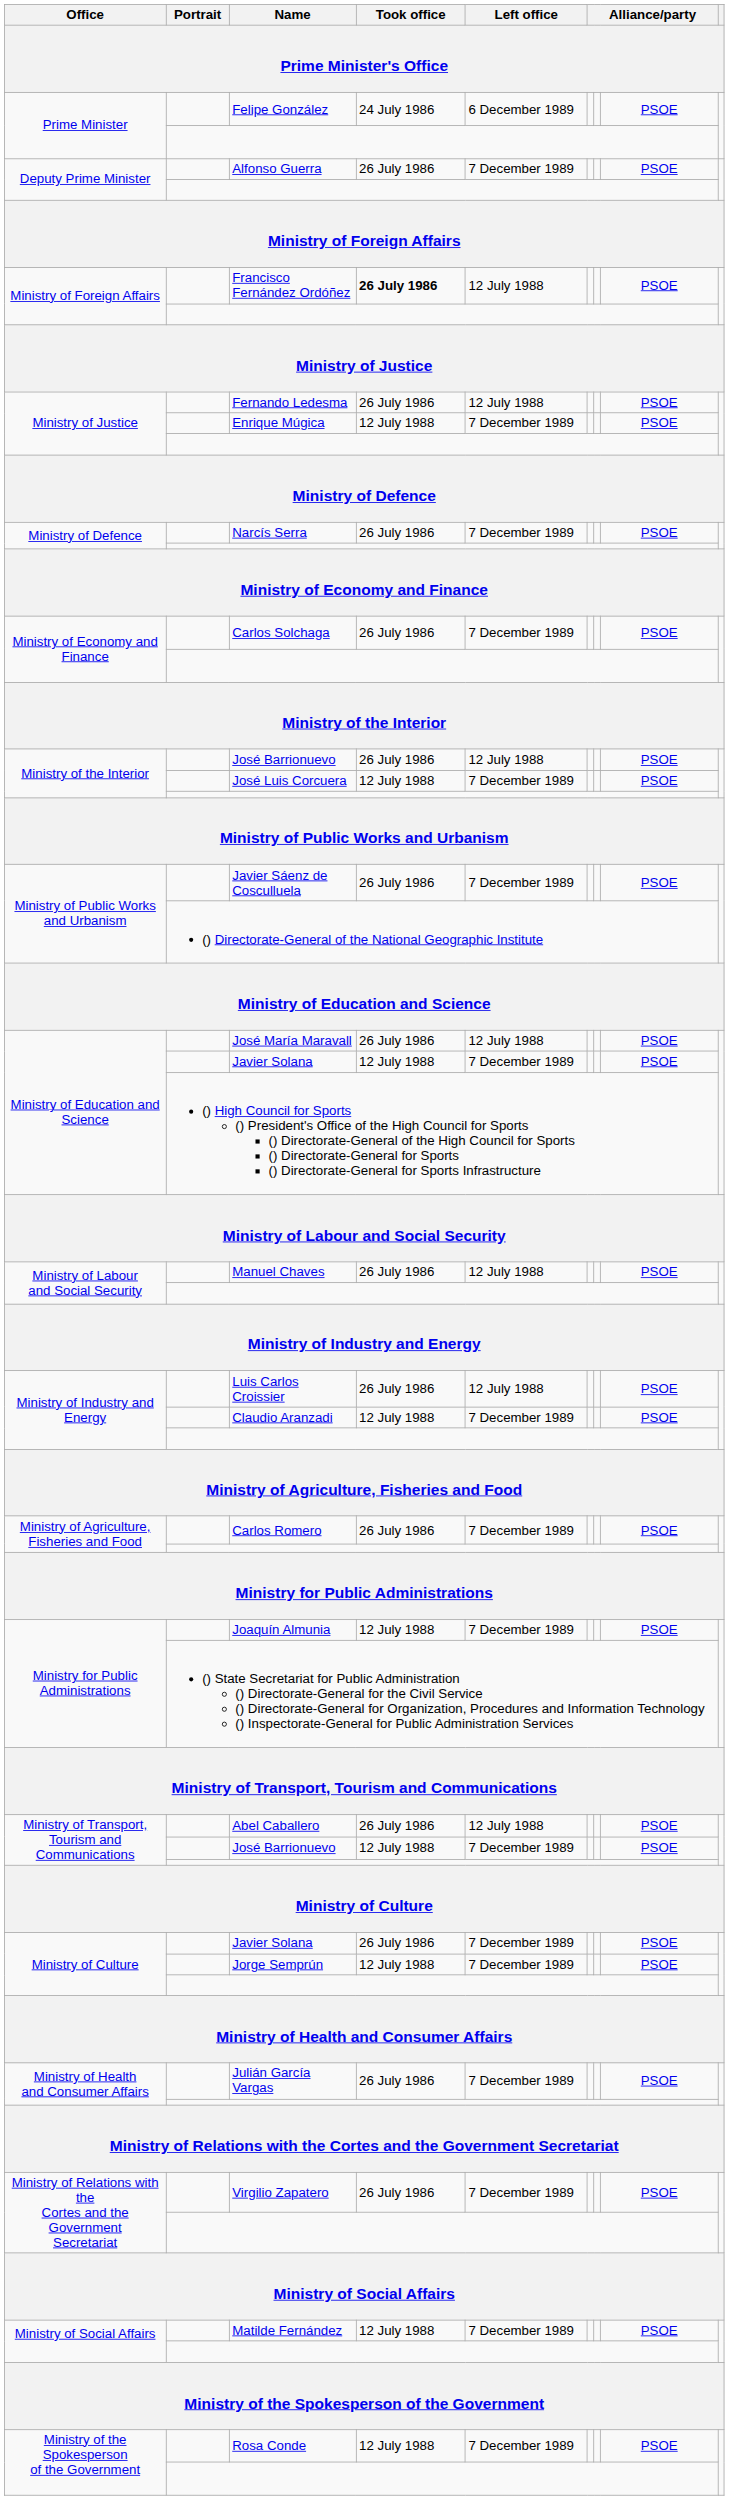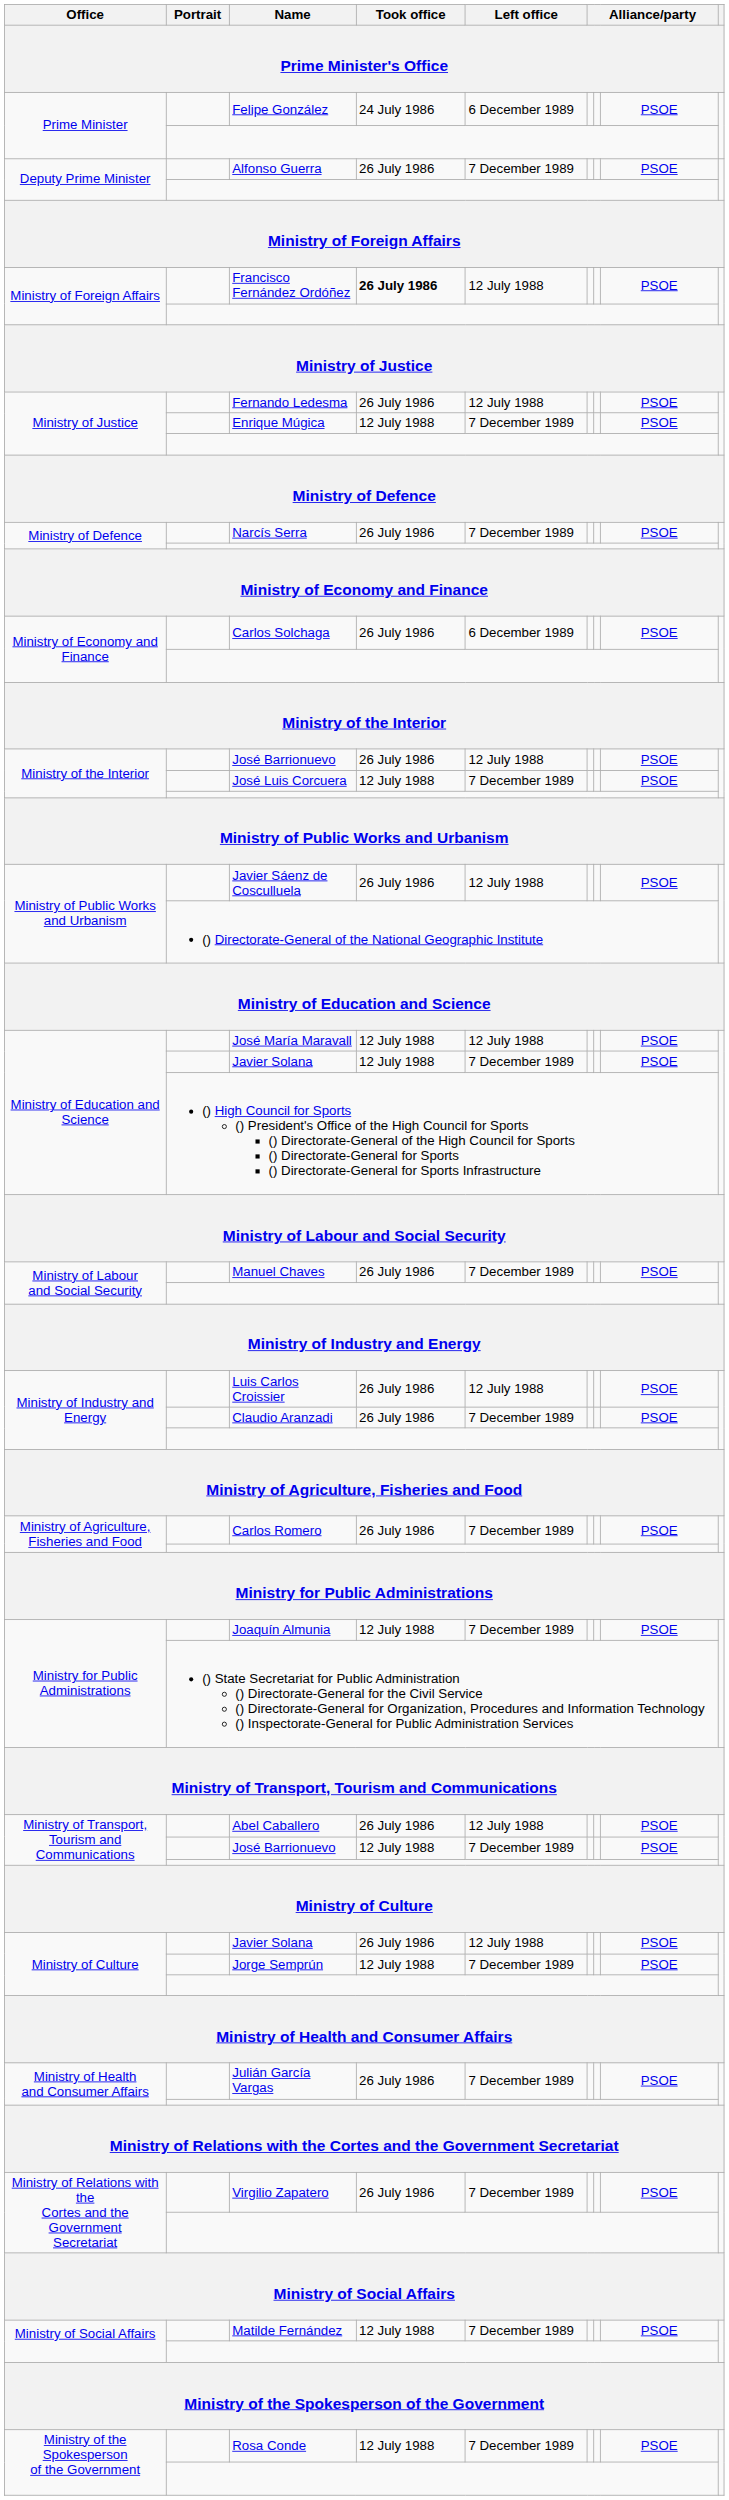 <table class="wikitable" style="line-height:18px;">
 <tr>
 <th scope="col">Office<br></th>
 <th scope="col">Portrait</th>
 <th scope="col">Name</th>
 <th scope="col">Took office</th>
 <th scope="col">Left office</th>
 <th colspan="3" scope="col">Alliance/party</th>
 <th></th>
 </tr>
 <tr>
 <th colspan="9"><br><h3><a href='#'>Prime Minister's Office</a></h3></th>
 </tr>
 <tr>
 <td align="center" rowspan="2" width="250"><a href='#'>Prime Minister</a><br></td>
 <td width="80"></td>
 <td width="200"><a href='#'>Felipe González</a></td>
 <td width="200">24 July 1986</td>
 <td width="200">6 December 1989</td>
 <td width="1" style="background-color:"></td>
 <td width="1" style="background-color:"></td>
 <td width="175" align="center"><a href='#'>PSOE</a></td>
 <td align="center" rowspan="2"><br><br><br><br></td>
 </tr>
 <tr>
 <td colspan="7"><br> </td>
 </tr>
 <tr>
 <td align="center" rowspan="2"><a href='#'>Deputy Prime Minister</a><br></td>
 <td></td>
 <td><a href='#'>Alfonso Guerra</a></td>
 <td>26 July 1986</td>
 <td>7 December 1989</td>
 <td style="background-color:"></td>
 <td style="background-color:"></td>
 <td align="center"><a href='#'>PSOE</a></td>
 <td align="center" rowspan="2"></td>
 </tr>
 <tr>
 <td colspan="7"><br></td>
 </tr>
 <tr>
 <th colspan="9"><br><h3><a href='#'>Ministry of Foreign Affairs</a></h3></th>
 </tr>
 <tr>
 <td align="center" rowspan="2"><a href='#'>Ministry of Foreign Affairs</a><br></td>
 <td></td>
 <td><a href='#'>Francisco Fernández Ordóñez</a></td>
 <td><strong>26 July 1986</strong></td>
 <td>12 July 1988</td>
 <td style="background-color:"></td>
 <td style="background-color:"></td>
 <td align="center"><a href='#'>PSOE</a></td>
 <td align="center" rowspan="2"><br></td>
 </tr>
 <tr>
 <td colspan="7"><br> </td>
 </tr>
 <tr>
 <th colspan="9"><br><h3><a href='#'>Ministry of Justice</a></h3></th>
 </tr>
 <tr>
 <td align="center" rowspan="3"><a href='#'>Ministry of Justice</a><br></td>
 <td></td>
 <td><a href='#'>Fernando Ledesma</a></td>
 <td>26 July 1986</td>
 <td>12 July 1988</td>
 <td style="background-color:"></td>
 <td style="background-color:"></td>
 <td align="center"><a href='#'>PSOE</a><br></td>
 <td align="center" rowspan="3"></td>
 </tr>
 <tr>
 <td></td>
 <td><a href='#'>Enrique Múgica</a></td>
 <td>12 July 1988</td>
 <td>7 December 1989</td>
 <td style="background-color:"></td>
 <td style="background-color:"></td>
 <td align="center"><a href='#'>PSOE</a></td>
 </tr>
 <tr>
 <td colspan="7"><br></td>
 </tr>
 <tr>
 <th colspan="9"><br><h3><a href='#'>Ministry of Defence</a></h3></th>
 </tr>
 <tr>
 <td align="center" rowspan="2"><a href='#'>Ministry of Defence</a><br></td>
 <td></td>
 <td><a href='#'>Narcís Serra</a></td>
 <td>26 July 1986</td>
 <td>7 December 1989</td>
 <td style="background-color:"></td>
 <td style="background-color:"></td>
 <td align="center"><a href='#'>PSOE</a><br></td>
 <td align="center" rowspan="2"></td>
 </tr>
 <tr>
 <td colspan="7"></td>
 </tr>
 <tr>
 <th colspan="9"><br><h3><a href='#'>Ministry of Economy and Finance</a></h3></th>
 </tr>
 <tr>
 <td align="center" rowspan="2"><a href='#'>Ministry of Economy and Finance</a><br></td>
 <td></td>
 <td><a href='#'>Carlos Solchaga</a></td>
 <td>26 July 1986</td>
-<td>7 December 1989</td>
+<td width="200">6 December 1989</td>
 <td style="background-color:"></td>
 <td style="background-color:"></td>
 <td align="center"><a href='#'>PSOE</a></td>
 <td align="center" rowspan="2"><br><br><br><br></td>
 </tr>
 <tr>
 <td colspan="7"><br> </td>
 </tr>
 <tr>
 <th colspan="9"><br><h3><a href='#'>Ministry of the Interior</a></h3></th>
 </tr>
 <tr>
 <td align="center" rowspan="3"><a href='#'>Ministry of the Interior</a><br></td>
 <td></td>
 <td><a href='#'>José Barrionuevo</a></td>
 <td>26 July 1986</td>
 <td>12 July 1988</td>
 <td style="background-color:"></td>
 <td style="background-color:"></td>
 <td align="center"><a href='#'>PSOE</a></td>
 <td align="center" rowspan="3"></td>
 </tr>
 <tr>
 <td></td>
 <td><a href='#'>José Luis Corcuera</a></td>
 <td>12 July 1988</td>
 <td>7 December 1989</td>
 <td style="background-color:"></td>
 <td style="background-color:"></td>
 <td align="center"><a href='#'>PSOE</a></td>
 </tr>
 <tr>
 <td colspan="7"></td>
 </tr>
 <tr>
 <th colspan="9"><br><h3><a href='#'>Ministry of Public Works and Urbanism</a></h3></th>
 </tr>
 <tr>
 <td align="center" rowspan="2"><a href='#'>Ministry of Public Works<br>and Urbanism</a><br></td>
 <td></td>
 <td><a href='#'>Javier Sáenz de Cosculluela</a></td>
 <td>26 July 1986</td>
-<td>7 December 1989</td>
+<td>12 July 1988</td>
 <td style="background-color:"></td>
 <td style="background-color:"></td>
 <td align="center"><a href='#'>PSOE</a></td>
 <td align="center" rowspan="2"></td>
 </tr>
 <tr>
 <td colspan="7"><br><ul><li>() <a href='#'>Directorate-General of the National Geographic Institute</a></li></ul></td>
 </tr>
 <tr>
 <th colspan="9"><br><h3><a href='#'>Ministry of Education and Science</a></h3></th>
 </tr>
 <tr>
 <td align="center" rowspan="3"><a href='#'>Ministry of Education and Science</a><br></td>
 <td></td>
 <td><a href='#'>José María Maravall</a></td>
-<td>26 July 1986</td>
+<td>12 July 1988</td>
 <td>12 July 1988</td>
 <td style="background-color:"></td>
 <td style="background-color:"></td>
 <td align="center"><a href='#'>PSOE</a></td>
 <td align="center" rowspan="3"></td>
 </tr>
 <tr>
 <td></td>
 <td><a href='#'>Javier Solana</a></td>
 <td>12 July 1988</td>
 <td>7 December 1989</td>
 <td style="background-color:"></td>
 <td style="background-color:"></td>
 <td align="center"><a href='#'>PSOE</a></td>
 </tr>
 <tr>
 <td colspan="7"><br><ul><li>() <a href='#'>High Council for Sports</a> <ul><li>() President's Office of the High Council for Sports <ul><li>() Directorate-General of the High Council for Sports </li><li>() Directorate-General for Sports </li><li>() Directorate-General for Sports Infrastructure </li></ul></li></ul></li></ul></td>
 </tr>
 <tr>
 <th colspan="9"><br><h3><a href='#'>Ministry of Labour and Social Security</a></h3></th>
 </tr>
 <tr>
 <td align="center" rowspan="2"><a href='#'>Ministry of Labour<br>and Social Security</a><br></td>
 <td></td>
 <td><a href='#'>Manuel Chaves</a></td>
 <td>26 July 1986</td>
-<td>12 July 1988</td>
+<td>7 December 1989</td>
 <td style="background-color:"></td>
 <td style="background-color:"></td>
 <td align="center"><a href='#'>PSOE</a></td>
 <td align="center" rowspan="2"></td>
 </tr>
 <tr>
 <td colspan="7"><br></td>
 </tr>
 <tr>
 <th colspan="9"><br><h3><a href='#'>Ministry of Industry and Energy</a></h3></th>
 </tr>
 <tr>
 <td align="center" rowspan="3"><a href='#'>Ministry of Industry and Energy</a><br></td>
 <td></td>
 <td><a href='#'>Luis Carlos Croissier</a></td>
 <td>26 July 1986</td>
 <td>12 July 1988</td>
 <td style="background-color:"></td>
 <td style="background-color:"></td>
 <td align="center"><a href='#'>PSOE</a></td>
 <td align="center" rowspan="3"><br></td>
 </tr>
 <tr>
 <td></td>
 <td><a href='#'>Claudio Aranzadi</a></td>
-<td>12 July 1988</td>
+<td>26 July 1986</td>
 <td>7 December 1989</td>
 <td style="background-color:"></td>
 <td style="background-color:"></td>
 <td align="center"><a href='#'>PSOE</a><br></td>
 </tr>
 <tr>
 <td colspan="7"><br> </td>
 </tr>
 <tr>
 <th colspan="9"><br><h3><a href='#'>Ministry of Agriculture, Fisheries and Food</a></h3></th>
 </tr>
 <tr>
 <td align="center" rowspan="2"><a href='#'>Ministry of Agriculture,<br>Fisheries and Food</a><br></td>
 <td></td>
 <td><a href='#'>Carlos Romero</a></td>
 <td>26 July 1986</td>
 <td>7 December 1989</td>
 <td style="background-color:"></td>
 <td style="background-color:"></td>
 <td align="center"><a href='#'>PSOE</a></td>
 <td align="center" rowspan="2"></td>
 </tr>
 <tr>
 <td colspan="7"></td>
 </tr>
 <tr>
 <th colspan="9"><br><h3><a href='#'>Ministry for Public Administrations</a></h3></th>
 </tr>
 <tr>
 <td align="center" rowspan="2"><a href='#'>Ministry for Public Administrations</a><br></td>
 <td></td>
 <td><a href='#'>Joaquín Almunia</a></td>
 <td>12 July 1988</td>
 <td>7 December 1989</td>
 <td style="background-color:"></td>
 <td style="background-color:"></td>
 <td align="center"><a href='#'>PSOE</a></td>
 <td align="center" rowspan="2"></td>
 </tr>
 <tr>
 <td colspan="7"><br><ul><li>() State Secretariat for Public Administration<ul><li>() Directorate-General for the Civil Service</li><li>() Directorate-General for Organization, Procedures and Information Technology</li><li>() Inspectorate-General for Public Administration Services</li></ul></li></ul></td>
 </tr>
 <tr>
 <th colspan="9"><br><h3><a href='#'>Ministry of Transport, Tourism and Communications</a></h3></th>
 </tr>
 <tr>
 <td align="center" rowspan="3"><a href='#'>Ministry of Transport,<br>Tourism and Communications</a><br></td>
 <td></td>
 <td><a href='#'>Abel Caballero</a></td>
 <td>26 July 1986</td>
 <td>12 July 1988</td>
 <td style="background-color:"></td>
 <td style="background-color:"></td>
 <td align="center"><a href='#'>PSOE</a></td>
 <td align="center" rowspan="3"></td>
 </tr>
 <tr>
 <td></td>
 <td><a href='#'>José Barrionuevo</a></td>
 <td>12 July 1988</td>
 <td>7 December 1989</td>
 <td style="background-color:"></td>
 <td style="background-color:"></td>
 <td align="center"><a href='#'>PSOE</a></td>
 </tr>
 <tr>
 <td colspan="7"></td>
 </tr>
 <tr>
 <th colspan="9"><br><h3><a href='#'>Ministry of Culture</a></h3></th>
 </tr>
 <tr>
 <td align="center" rowspan="3"><a href='#'>Ministry of Culture</a><br></td>
 <td></td>
 <td><a href='#'>Javier Solana</a></td>
 <td>26 July 1986</td>
-<td>7 December 1989</td>
+<td>12 July 1988</td>
 <td style="background-color:"></td>
 <td style="background-color:"></td>
 <td align="center"><a href='#'>PSOE</a></td>
 <td align="center" rowspan="3"></td>
 </tr>
 <tr>
 <td></td>
 <td><a href='#'>Jorge Semprún</a></td>
 <td>12 July 1988</td>
 <td>7 December 1989</td>
 <td style="background-color:"></td>
 <td style="background-color:"></td>
 <td align="center"><a href='#'>PSOE</a><br></td>
 </tr>
 <tr>
 <td colspan="7"><br></td>
 </tr>
 <tr>
 <th colspan="9"><br><h3><a href='#'>Ministry of Health and Consumer Affairs</a></h3></th>
 </tr>
 <tr>
 <td align="center" rowspan="2"><a href='#'>Ministry of Health<br>and Consumer Affairs</a><br></td>
 <td></td>
 <td><a href='#'>Julián García Vargas</a></td>
 <td>26 July 1986</td>
 <td>7 December 1989</td>
 <td style="background-color:"></td>
 <td style="background-color:"></td>
 <td align="center"><a href='#'>PSOE</a></td>
 <td align="center" rowspan="2"></td>
 </tr>
 <tr>
 <td colspan="7"></td>
 </tr>
 <tr>
 <th colspan="9"><br><h3><a href='#'>Ministry of Relations with the Cortes and the Government Secretariat</a></h3></th>
 </tr>
 <tr>
 <td align="center" rowspan="2"><a href='#'>Ministry of Relations with the<br>Cortes and the Government<br>Secretariat</a><br></td>
 <td></td>
 <td><a href='#'>Virgilio Zapatero</a></td>
 <td>26 July 1986</td>
 <td>7 December 1989</td>
 <td style="background-color:"></td>
 <td style="background-color:"></td>
 <td align="center"><a href='#'>PSOE</a></td>
 <td align="center" rowspan="2"><br><br><br></td>
 </tr>
 <tr>
 <td colspan="7"><br>  </td>
 </tr>
 <tr>
 <th colspan="9"><br><h3><a href='#'>Ministry of Social Affairs</a></h3></th>
 </tr>
 <tr>
 <td align="center" rowspan="2"><a href='#'>Ministry of Social Affairs</a><br><br></td>
 <td></td>
 <td><a href='#'>Matilde Fernández</a></td>
 <td>12 July 1988</td>
 <td>7 December 1989</td>
 <td style="background-color:"></td>
 <td style="background-color:"></td>
 <td align="center"><a href='#'>PSOE</a></td>
 <td align="center" rowspan="2"><br></td>
 </tr>
 <tr>
 <td colspan="7"><br></td>
 </tr>
 <tr>
 <th colspan="9"><br><h3><a href='#'>Ministry of the Spokesperson of the Government</a></h3></th>
 </tr>
 <tr>
 <td align="center" rowspan="2"><a href='#'>Ministry of the Spokesperson<br>of the Government</a><br><br></td>
 <td></td>
 <td><a href='#'>Rosa Conde</a></td>
 <td>12 July 1988</td>
 <td>7 December 1989</td>
 <td style="background-color:"></td>
 <td style="background-color:"></td>
 <td align="center"><a href='#'>PSOE</a><br></td>
 <td align="center" rowspan="2"></td>
 </tr>
 <tr>
 <td colspan="7"><br></td>
 </tr>
 </table>
